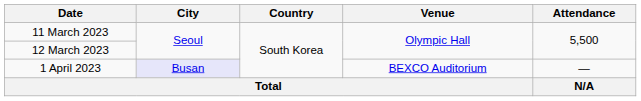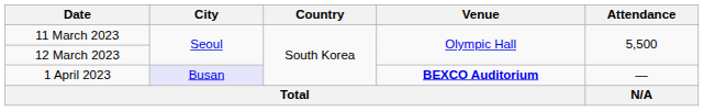 <table class="wikitable" style="text-align:center;">
 <tr>
 <th scope="col" style="width:11em;">Date</th>
 <th scope="col" style="width:8.5em;">City</th>
 <th scope="col" style="width:8.5em;">Country</th>
 <th scope="col" style="width:16em;">Venue</th>
 <th scope="col" style="width:8.5em;">Attendance</th>
 </tr>
 <tr>
 <td>11 March 2023</td>
 <td rowspan="2"><a href='#'>Seoul</a></td>
 <td rowspan="3">South Korea</td>
 <td rowspan="2"><a href='#'>Olympic Hall</a></td>
 <td rowspan="2">5,500</td>
 </tr>
 <tr>
 <td>12 March 2023</td>
 </tr>
 <tr>
 <td>1 April 2023</td>
 <td style="background: lavender;"><a href='#'>Busan</a></td>
-<td><a href='#'>BEXCO Auditorium</a></td>
+<td><strong><a href='#'>BEXCO Auditorium</a></strong></td>
 <td>—</td>
 </tr>
 <tr>
 <th colspan="4">Total</th>
 <th>N/A</th>
 </tr>
 </table>
